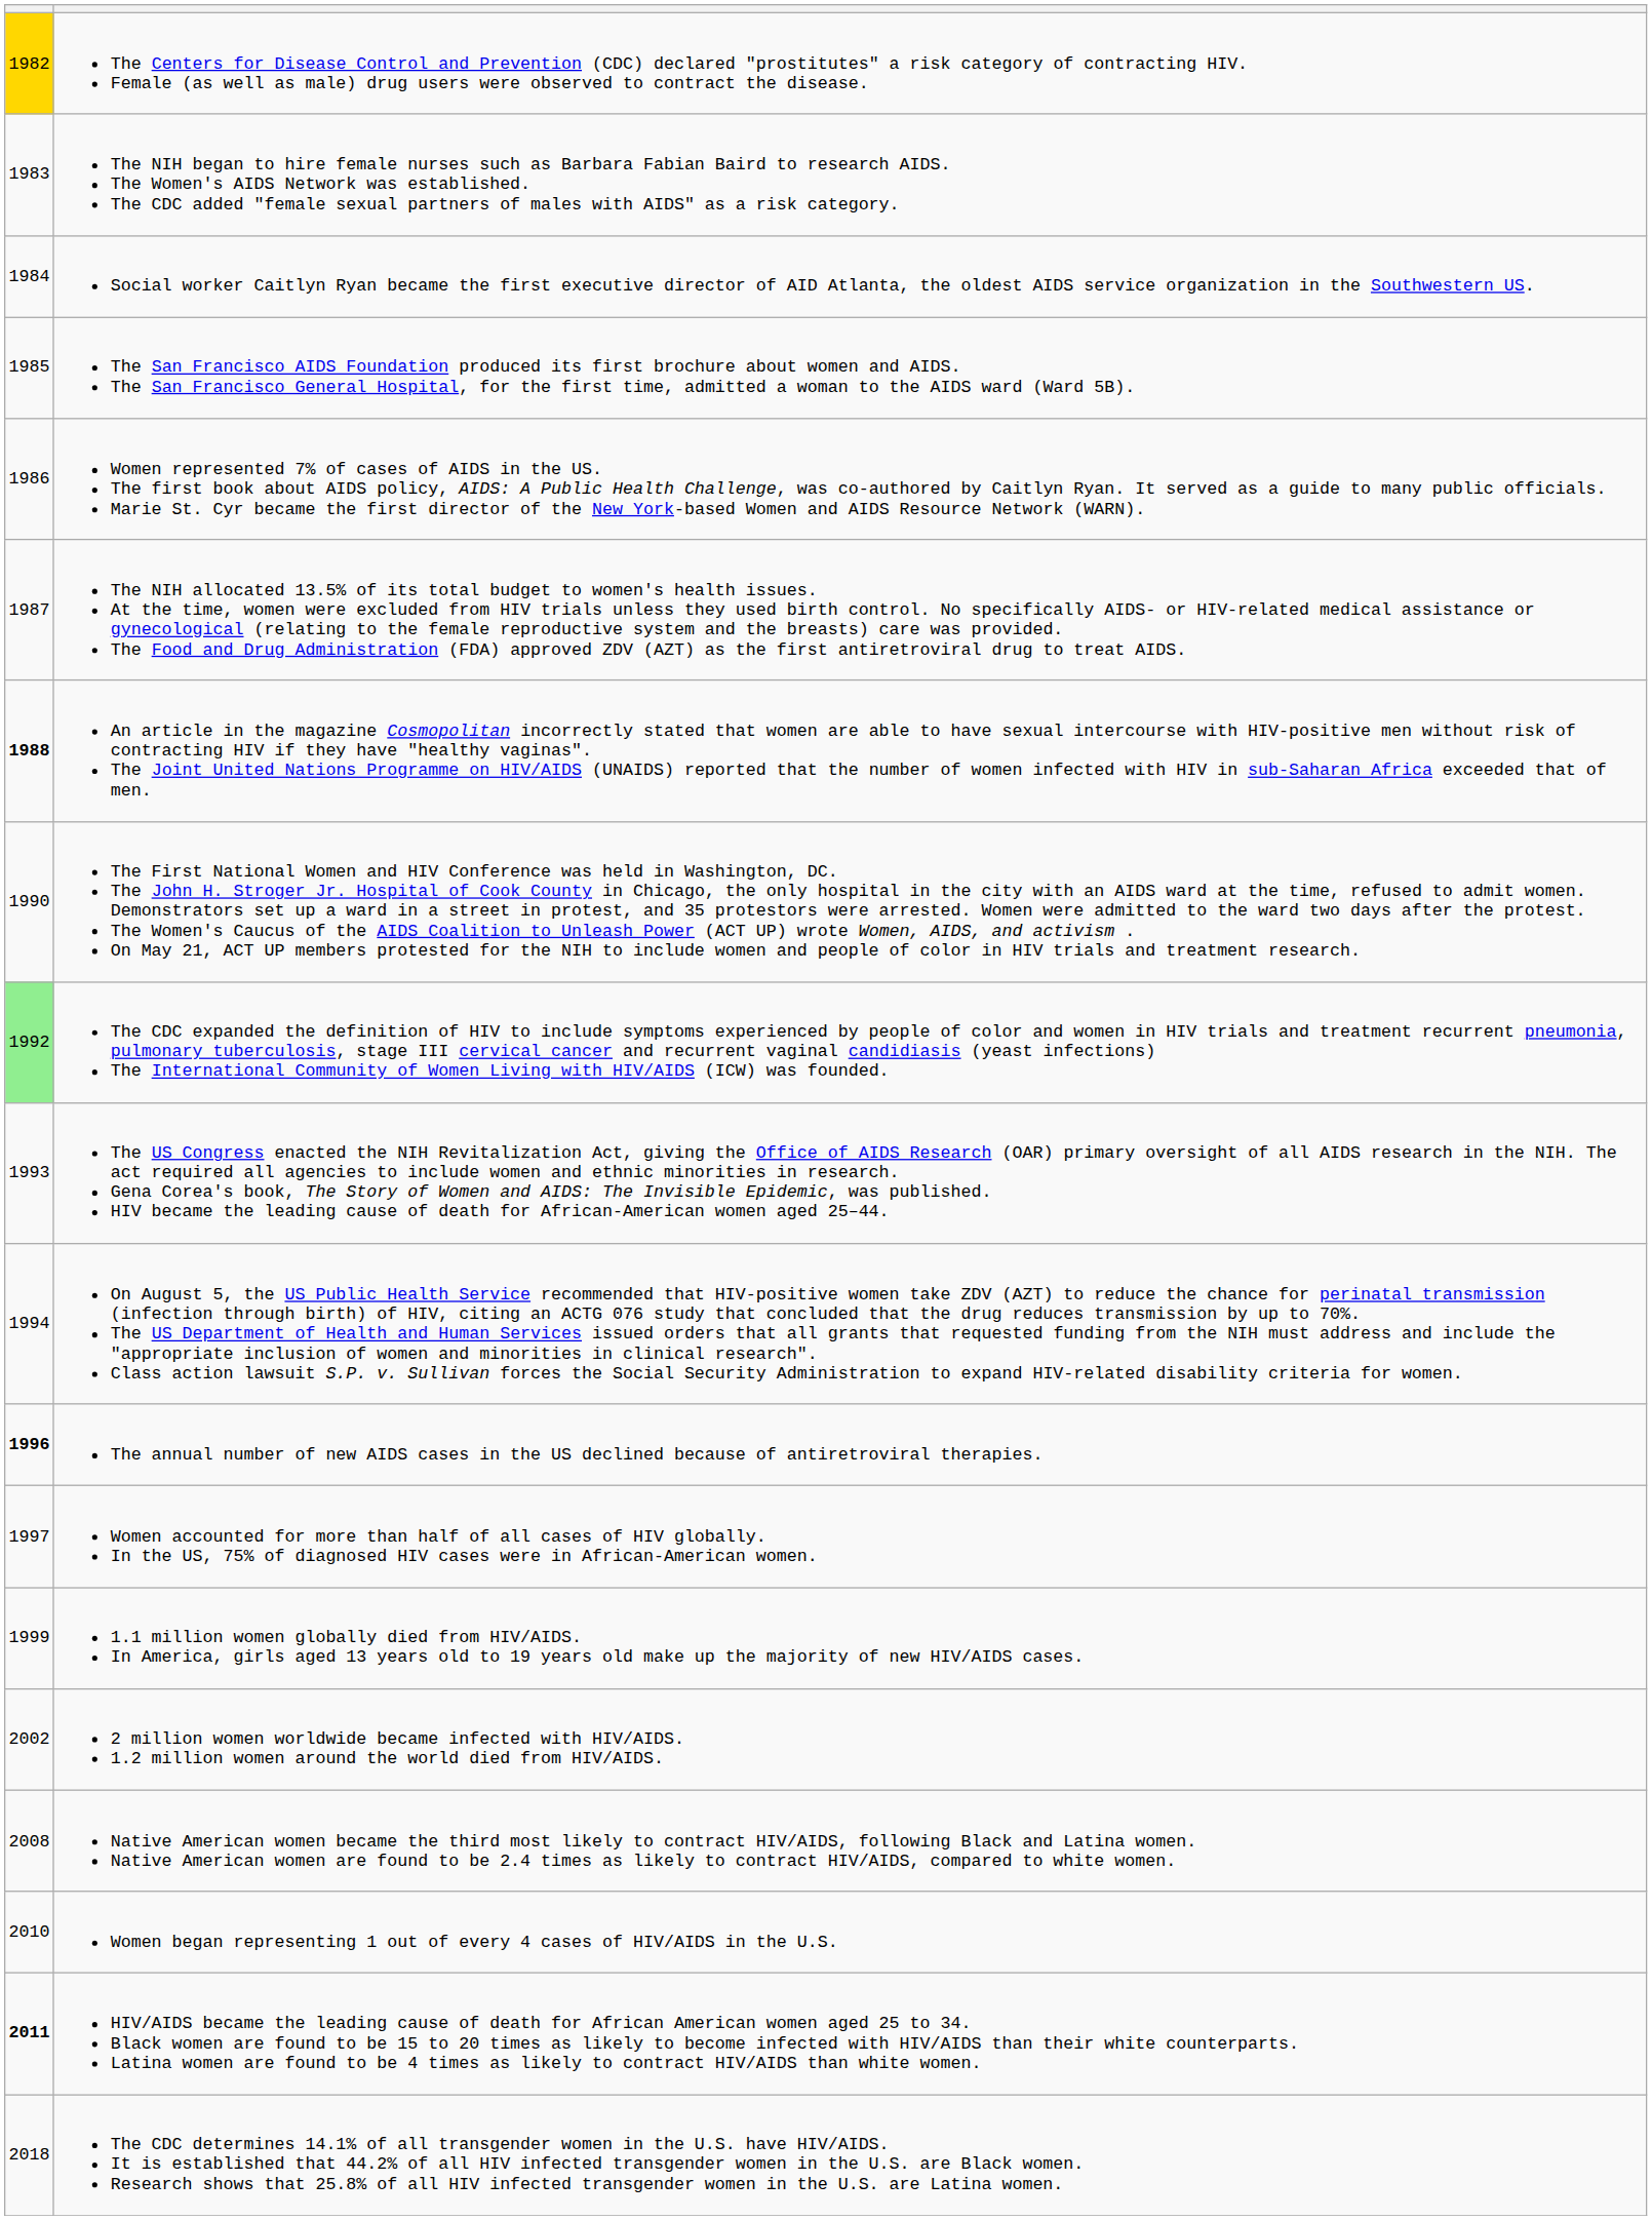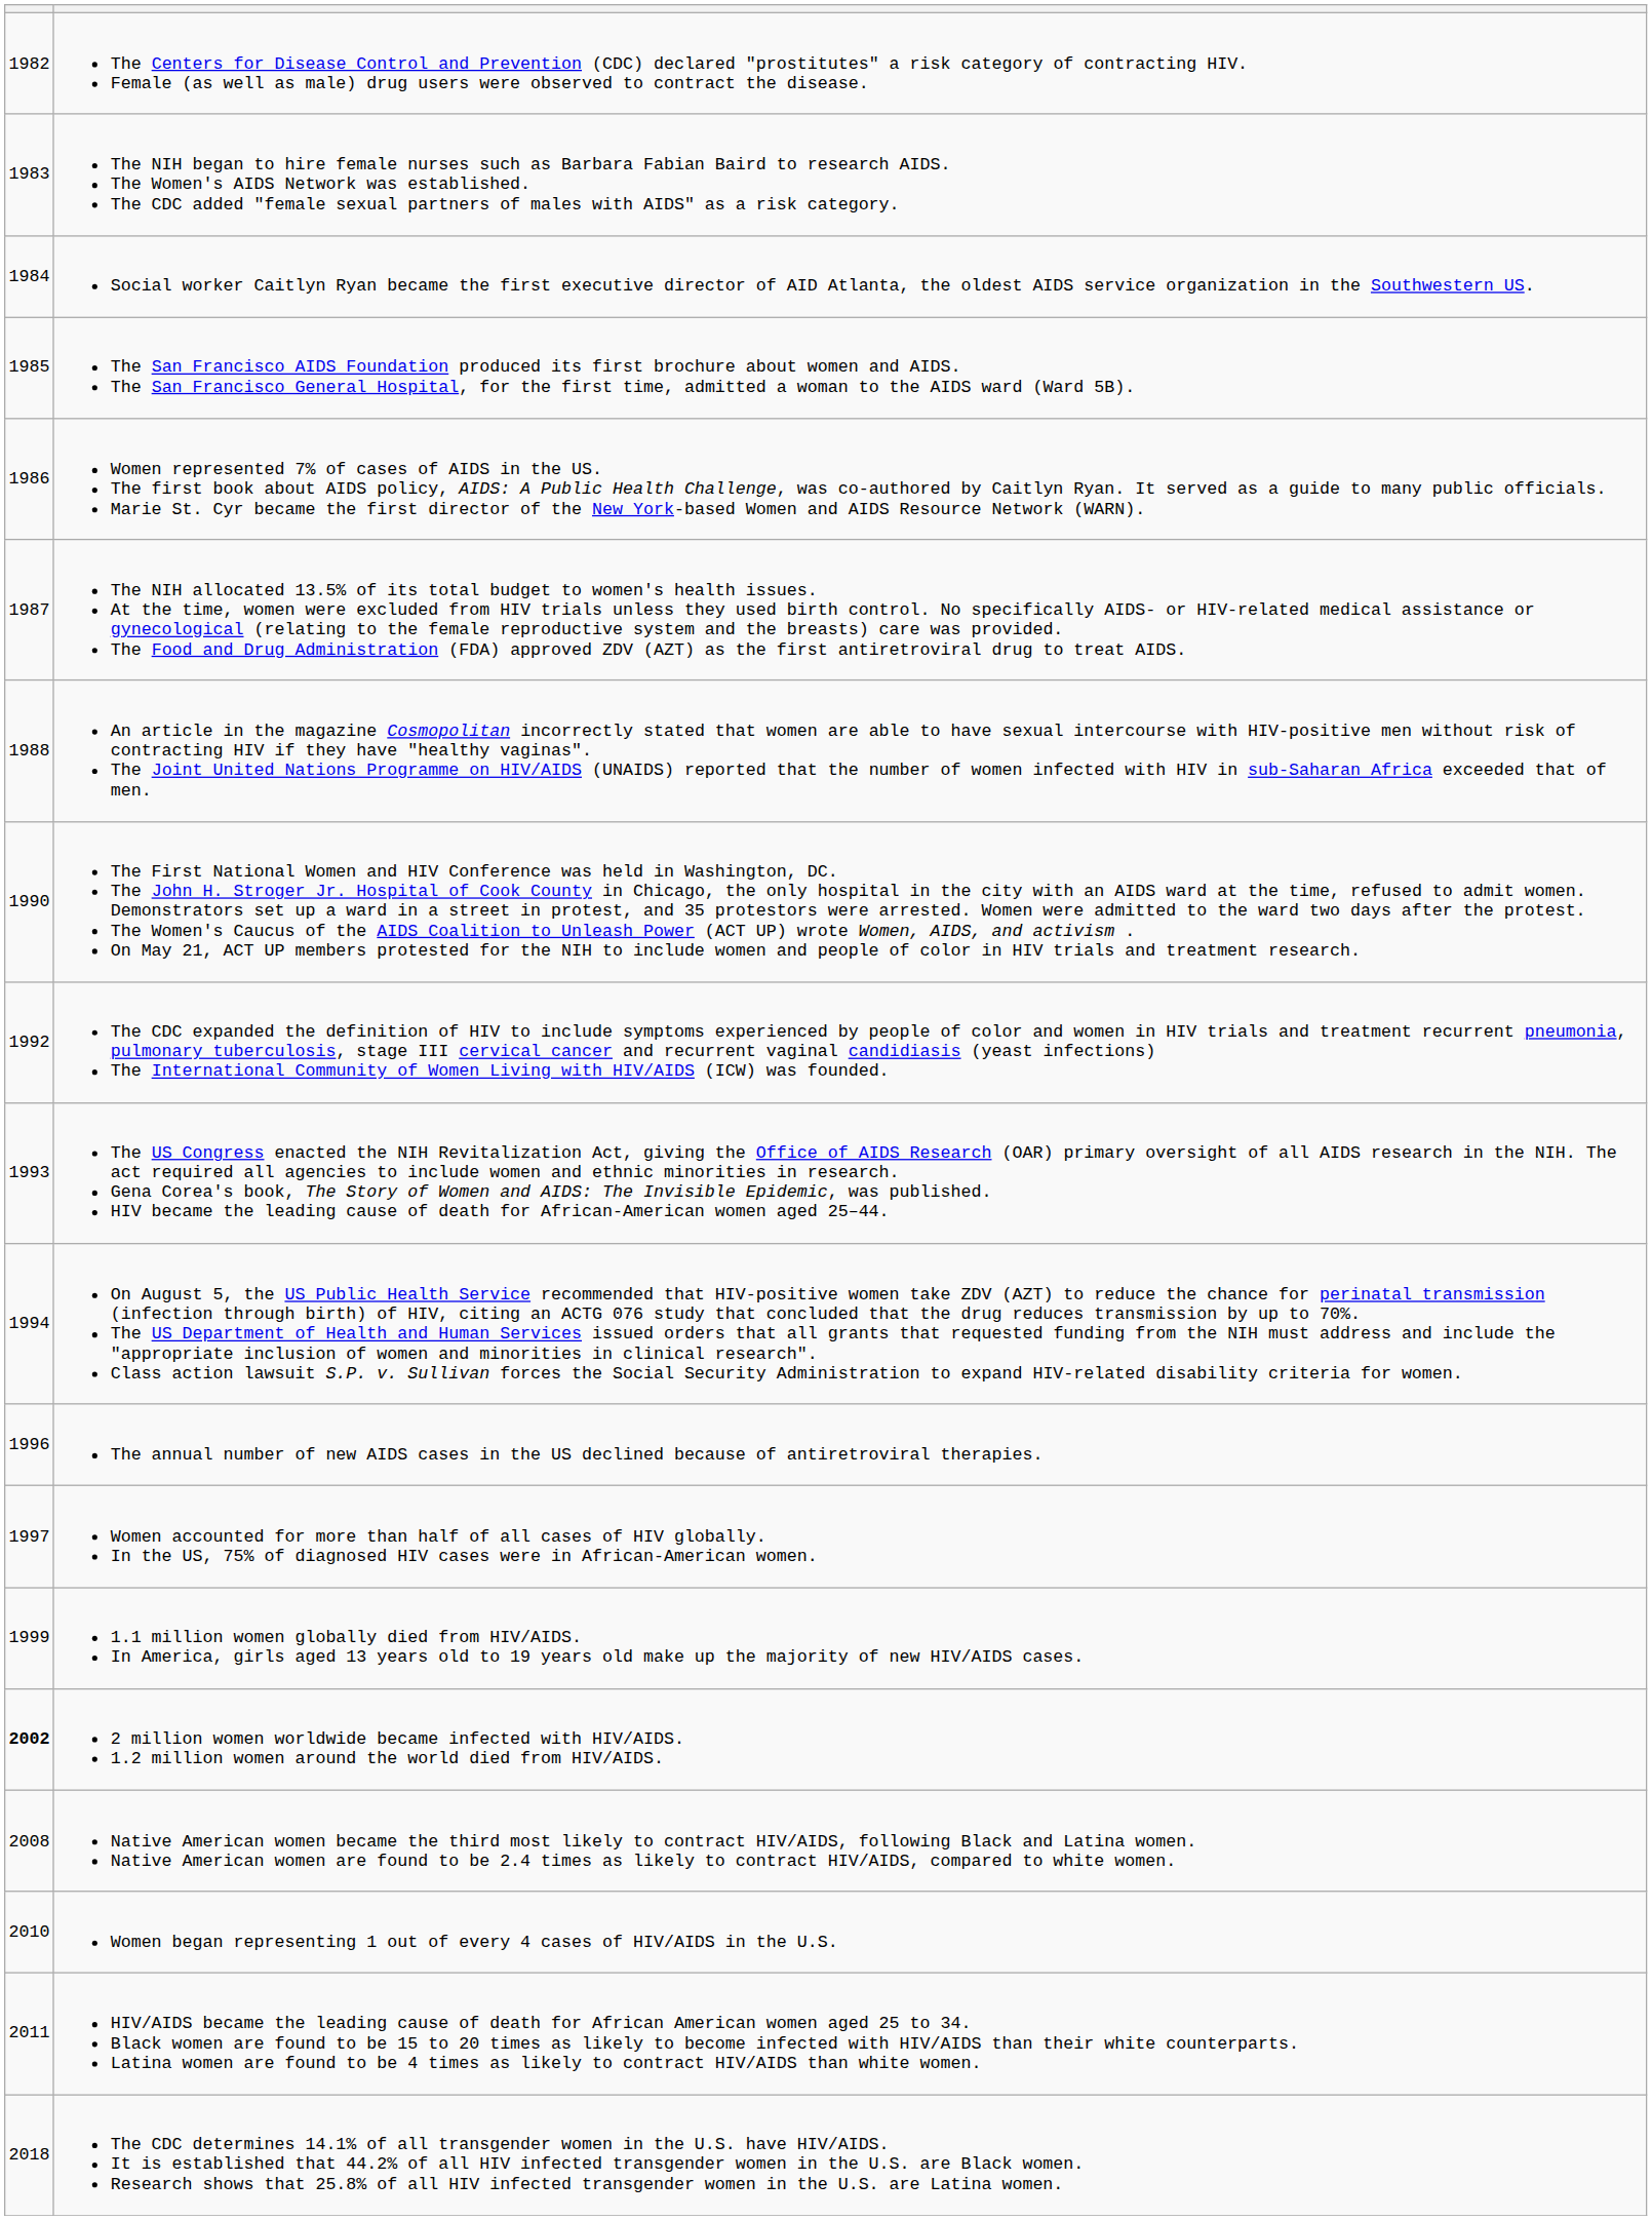 <table class="wikitable">
 <tr>
 <th></th>
 <th></th>
 </tr>
 <tr>
-<td style="background: gold;">1982</td>
+<td>1982</td>
 <td><br><ul><li>The <a href='#'>Centers for Disease Control and Prevention</a> (CDC) declared "prostitutes" a risk category of contracting HIV.</li><li>Female (as well as male) drug users were observed to contract the disease.</li></ul></td>
 </tr>
 <tr>
 <td>1983</td>
 <td><br><ul><li>The NIH began to hire female nurses such as Barbara Fabian Baird to research AIDS.</li><li>The Women's AIDS Network was established.</li><li>The CDC added "female sexual partners of males with AIDS" as a risk category.</li></ul></td>
 </tr>
 <tr>
 <td>1984</td>
 <td><br><ul><li>Social worker Caitlyn Ryan became the first executive director of AID Atlanta, the oldest AIDS service organization in the <a href='#'>Southwestern US</a>.</li></ul></td>
 </tr>
 <tr>
 <td>1985</td>
 <td><br><ul><li>The <a href='#'>San Francisco AIDS Foundation</a> produced its first brochure about women and AIDS.</li><li>The <a href='#'>San Francisco General Hospital</a>, for the first time, admitted a woman to the AIDS ward (Ward 5B).</li></ul></td>
 </tr>
 <tr>
 <td>1986</td>
 <td><br><ul><li>Women represented 7% of cases of AIDS in the US.</li><li>The first book about AIDS policy, <em>AIDS: A Public Health Challenge</em>, was co-authored by Caitlyn Ryan. It served as a guide to many public officials.</li><li>Marie St. Cyr became the first director of the <a href='#'>New York</a>-based Women and AIDS Resource Network (WARN).</li></ul></td>
 </tr>
 <tr>
 <td>1987</td>
 <td><br><ul><li>The NIH allocated 13.5% of its total budget to women's health issues.</li><li>At the time, women were excluded from HIV trials unless they used birth control. No specifically AIDS- or HIV-related medical assistance or <a href='#'>gynecological</a> (relating to the female reproductive system and the breasts) care was provided.</li><li>The <a href='#'>Food and Drug Administration</a> (FDA) approved ZDV (AZT) as the first antiretroviral drug to treat AIDS.</li></ul></td>
 </tr>
 <tr>
-<td><strong>1988</strong></td>
+<td>1988</td>
 <td><br><ul><li>An article in the magazine <em><a href='#'>Cosmopolitan</a></em> incorrectly stated that women are able to have sexual intercourse with HIV-positive men without risk of contracting HIV if they have "healthy vaginas".</li><li>The <a href='#'>Joint United Nations Programme on HIV/AIDS</a> (UNAIDS) reported that the number of women infected with HIV in <a href='#'>sub-Saharan Africa</a> exceeded that of men.</li></ul></td>
 </tr>
 <tr>
 <td>1990</td>
 <td><br><ul><li>The First National Women and HIV Conference was held in Washington, DC.</li><li>The <a href='#'>John H. Stroger Jr. Hospital of Cook County</a> in Chicago, the only hospital in the city with an AIDS ward at the time, refused to admit women. Demonstrators set up a ward in a street in protest, and 35 protestors were arrested. Women were admitted to the ward two days after the protest.</li><li>The Women's Caucus of the <a href='#'>AIDS Coalition to Unleash Power</a> (ACT UP) wrote <em>Women, AIDS, and activism</em> .</li><li>On May 21, ACT UP members protested for the NIH to include women and people of color in HIV trials and treatment research.</li></ul></td>
 </tr>
 <tr>
-<td style="background: lightgreen;">1992</td>
+<td>1992</td>
 <td><br><ul><li>The CDC expanded the definition of HIV to include symptoms experienced by people of color and women in HIV trials and treatment recurrent <a href='#'>pneumonia</a>, <a href='#'>pulmonary tuberculosis</a>, stage III <a href='#'>cervical cancer</a> and recurrent vaginal <a href='#'>candidiasis</a> (yeast infections)</li><li>The <a href='#'>International Community of Women Living with HIV/AIDS</a> (ICW) was founded.</li></ul></td>
 </tr>
 <tr>
 <td>1993</td>
 <td><br><ul><li>The <a href='#'>US Congress</a> enacted the NIH Revitalization Act, giving the <a href='#'>Office of AIDS Research</a> (OAR) primary oversight of all AIDS research in the NIH. The act required all agencies to include women and ethnic minorities in research.</li><li>Gena Corea's book, <em>The Story of Women and AIDS: The Invisible Epidemic</em>, was published.</li><li>HIV became the leading cause of death for African-American women aged 25–44.</li></ul></td>
 </tr>
 <tr>
 <td>1994</td>
 <td><br><ul><li>On August 5, the <a href='#'>US Public Health Service</a> recommended that HIV-positive women take ZDV (AZT) to reduce the chance for <a href='#'>perinatal transmission</a> (infection through birth) of HIV, citing an ACTG 076 study that concluded that the drug reduces transmission by up to 70%.</li><li>The <a href='#'>US Department of Health and Human Services</a> issued orders that all grants that requested funding from the NIH must address and include the "appropriate inclusion of women and minorities in clinical research".</li><li>Class action lawsuit <em>S.P. v. Sullivan</em> forces the Social Security Administration to expand HIV-related disability criteria for women.</li></ul></td>
 </tr>
 <tr>
-<td><strong>1996</strong></td>
+<td>1996</td>
 <td><br><ul><li>The annual number of new AIDS cases in the US declined because of antiretroviral therapies.</li></ul></td>
 </tr>
 <tr>
 <td>1997</td>
 <td><br><ul><li>Women accounted for more than half of all cases of HIV globally.</li><li>In the US, 75% of diagnosed HIV cases were in African-American women.</li></ul></td>
 </tr>
 <tr>
 <td>1999</td>
 <td><br><ul><li>1.1 million women globally died from HIV/AIDS.</li><li>In America, girls aged 13 years old to 19 years old make up the majority of new HIV/AIDS cases.</li></ul></td>
 </tr>
 <tr>
-<td>2002</td>
+<td><strong>2002</strong></td>
 <td><br><ul><li>2 million women worldwide became infected with HIV/AIDS.</li><li>1.2 million women around the world died from HIV/AIDS.</li></ul></td>
 </tr>
 <tr>
 <td>2008</td>
 <td><br><ul><li>Native American women became the third most likely to contract HIV/AIDS, following Black and Latina women.</li><li>Native American women are found to be 2.4 times as likely to contract HIV/AIDS, compared to white women.</li></ul></td>
 </tr>
 <tr>
 <td>2010</td>
 <td><br><ul><li>Women began representing 1 out of every 4 cases of HIV/AIDS in the U.S.</li></ul></td>
 </tr>
 <tr>
-<td><strong>2011</strong></td>
+<td>2011</td>
 <td><br><ul><li>HIV/AIDS became the leading cause of death for African American women aged 25 to 34.</li><li>Black women are found to be 15 to 20 times as likely to become infected with HIV/AIDS than their white counterparts.</li><li>Latina women are found to be 4 times as likely to contract HIV/AIDS than white women.</li></ul></td>
 </tr>
 <tr>
 <td>2018</td>
 <td><br><ul><li>The CDC determines 14.1% of all transgender women in the U.S. have HIV/AIDS.</li><li>It is established that 44.2% of all HIV infected transgender women in the U.S. are Black women.</li><li>Research shows that 25.8%  of all HIV infected transgender women in the U.S. are Latina women.</li></ul></td>
 </tr>
 </table>
